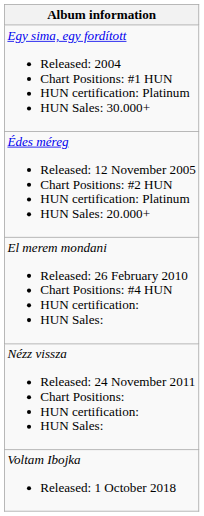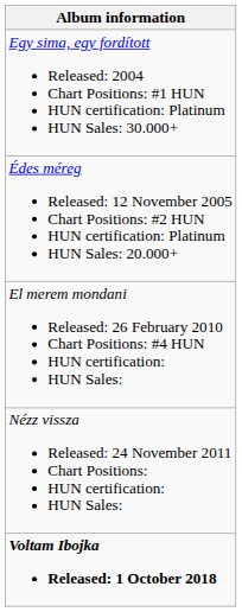 <table class="wikitable">
 <tr>
 <th align="left">Album information</th>
 </tr>
 <tr>
 <td align="left"><em><a href='#'>Egy sima, egy fordított</a></em><br><ul><li>Released: 2004</li><li>Chart Positions: #1 HUN</li><li>HUN certification: Platinum</li><li>HUN Sales: 30.000+</li></ul></td>
 </tr>
 <tr>
 <td align="left"><em><a href='#'>Édes méreg</a></em><br><ul><li>Released: 12 November 2005</li><li>Chart Positions: #2 HUN</li><li>HUN certification: Platinum</li><li>HUN Sales: 20.000+</li></ul></td>
 </tr>
 <tr>
 <td align="left"><em>El merem mondani</em><br><ul><li>Released: 26 February 2010</li><li>Chart Positions: #4 HUN</li><li>HUN certification:</li><li>HUN Sales:</li></ul></td>
 </tr>
 <tr>
 <td align="left"><em>Nézz vissza</em><br><ul><li>Released: 24 November 2011</li><li>Chart Positions:</li><li>HUN certification:</li><li>HUN Sales:</li></ul></td>
 </tr>
 <tr>
-<td align="left"><em>Voltam Ibojka</em><br><ul><li>Released: 1 October 2018</li></ul></td>
+<td align="left"><strong><em>Voltam Ibojka</em><br><ul><li>Released: 1 October 2018</li></ul></strong></td>
 </tr>
 </table>
